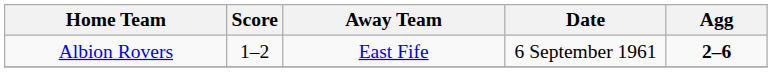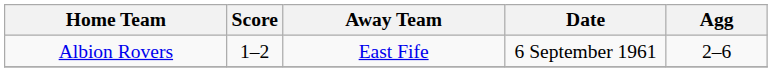 <table class="wikitable" style="text-align:center;">
 <tr>
 <th width=175>Home Team</th>
 <th width=20>Score</th>
 <th width=175>Away Team</th>
 <th width= 125>Date</th>
 <th width= 75>Agg</th>
 </tr>
 <tr>
 <td><a href='#'>Albion Rovers</a></td>
 <td>1–2</td>
 <td><a href='#'>East Fife</a></td>
 <td>6 September 1961</td>
-<td><strong>2–6</strong></td>
+<td>2–6</td>
 </tr>
 <tr>
 </tr>
 </table>
